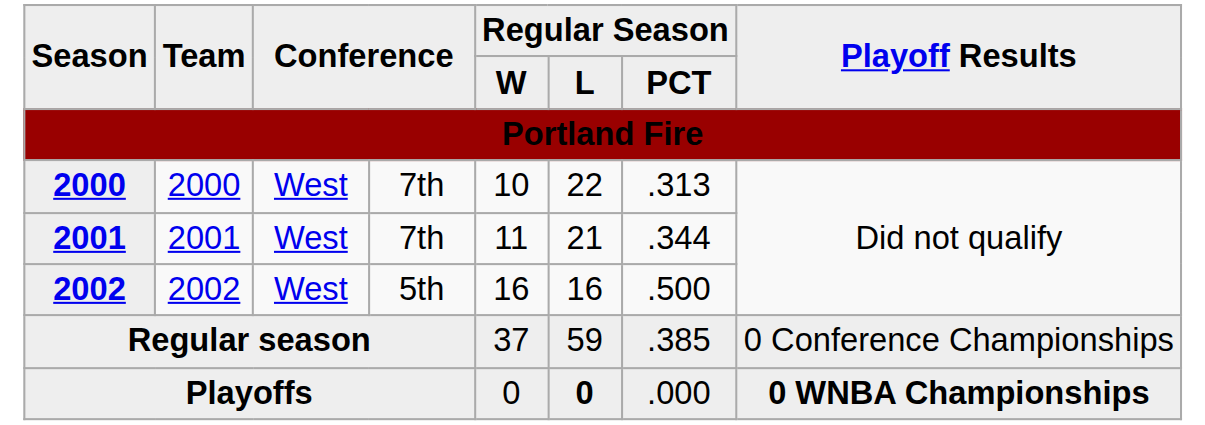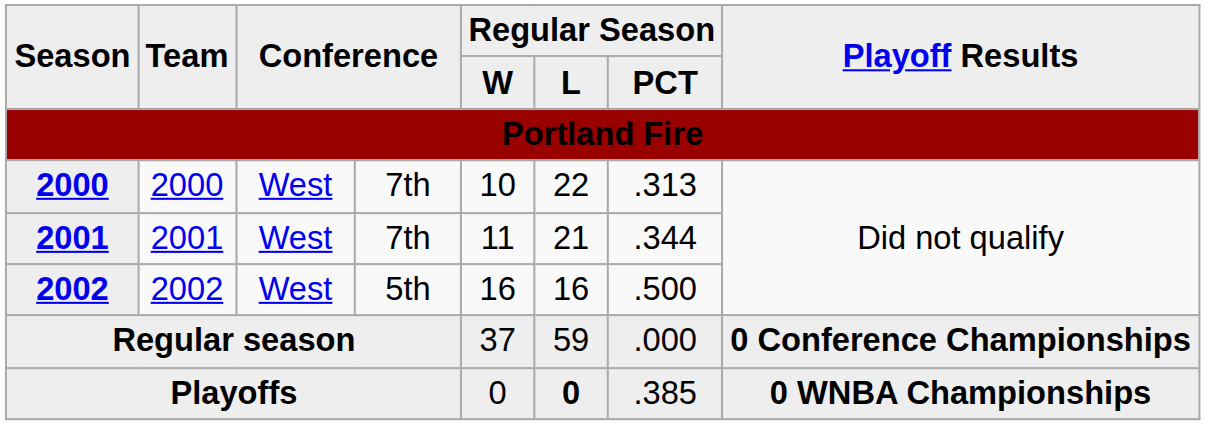 <table class="wikitable" style="font size:95%; text-align: center; margin:1em auto;">
 <tr>
 <th rowspan="2" style="background:#eee;">Season</th>
 <th rowspan="2" style="background:#eee;">Team</th>
 <th rowspan="2" colspan="2" style="background:#eee;">Conference</th>
 <th colspan="3" style="background:#eee;">Regular Season</th>
 <th rowspan="2" style="background:#eee;"><a href='#'>Playoff</a> Results</th>
 </tr>
 <tr>
 <th style="background:#eee;">W</th>
 <th style="background:#eee;">L</th>
 <th style="background:#eee;">PCT</th>
 </tr>
 <tr>
 <td colspan="8" align=center bgcolor="#990000 "><strong><span>Portland Fire</span></strong></td>
 </tr>
 <tr align="center">
 <th style="background:#eee;"><a href='#'>2000</a></th>
 <td><a href='#'>2000</a></td>
 <td style="width: 10%"><a href='#'>West</a></td>
 <td>7th</td>
 <td>10</td>
 <td>22</td>
 <td>.313</td>
 <td rowspan="3">Did not qualify</td>
 </tr>
 <tr align="center">
 <th style="background:#eee;"><a href='#'>2001</a></th>
 <td><a href='#'>2001</a></td>
 <td style="width: 10%"><a href='#'>West</a></td>
 <td>7th</td>
 <td>11</td>
 <td>21</td>
 <td>.344</td>
 </tr>
 <tr align="center">
 <th style="background:#eee;"><a href='#'>2002</a></th>
 <td><a href='#'>2002</a></td>
 <td style="width: 10%"><a href='#'>West</a></td>
 <td>5th</td>
 <td>16</td>
 <td>16</td>
 <td>.500</td>
 </tr>
 <tr>
 <th colspan="4" style="background:#eee;">Regular season</th>
 <td style="background:#eee;">37</td>
 <td style="background:#eee;">59</td>
-<td style="background:#eee;">.385</td>
-<td style="background:#eee;">0 Conference Championships</td>
+<td style="background:#eee;">.000</td>
+<td style="background:#eee;"><strong>0 Conference Championships</strong></td>
 </tr>
 <tr>
 <th colspan="4" style="background:#eee;">Playoffs</th>
 <td style="background:#eee;">0</td>
 <td style="background:#eee;"><strong>0</strong></td>
-<td style="background:#eee;">.000</td>
+<td style="background:#eee;">.385</td>
 <td style="background:#eee;"><strong>0 WNBA Championships</strong></td>
 </tr>
 </table>
